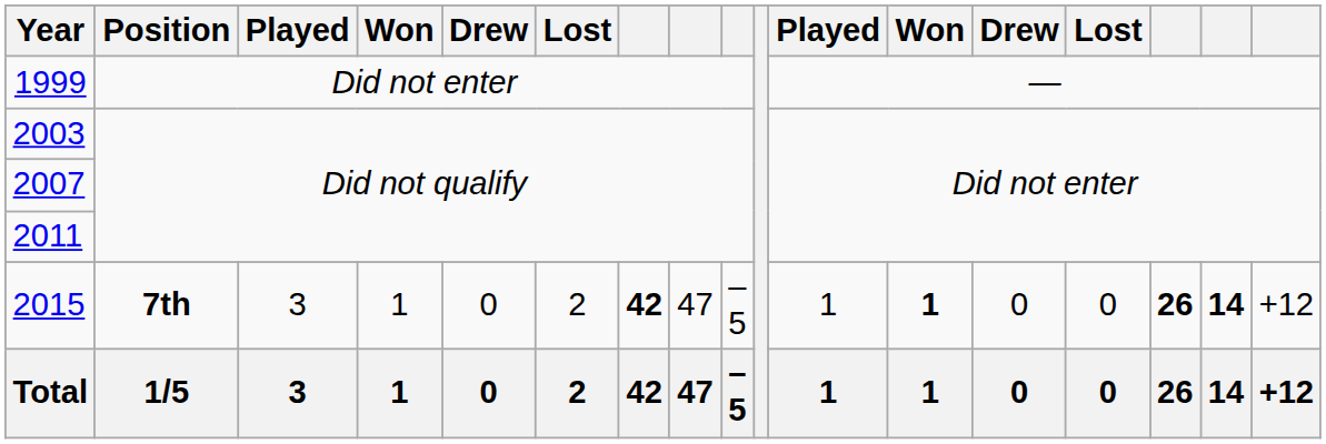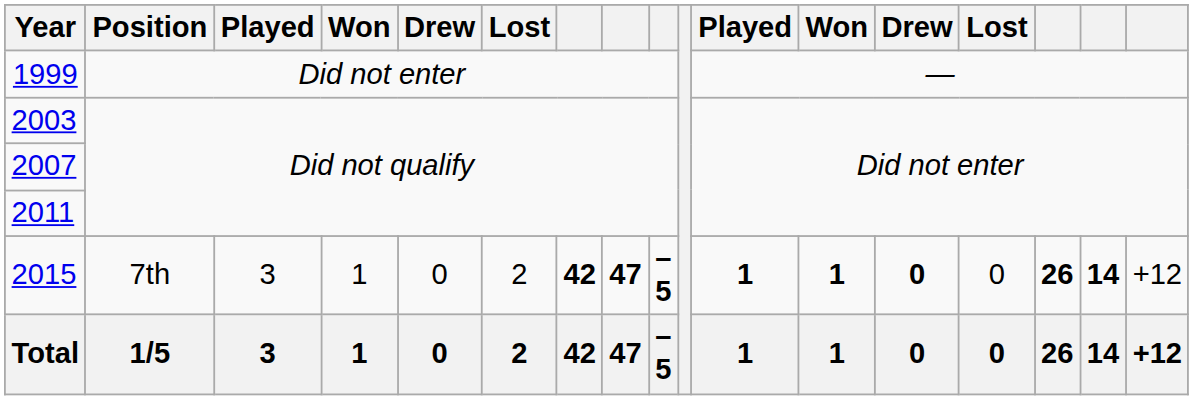 <table class=wikitable style=text-align:center>
 <tr>
 <th>Year</th>
 <th>Position</th>
 <th>Played</th>
 <th>Won</th>
 <th>Drew</th>
 <th>Lost</th>
 <th></th>
 <th></th>
 <th></th>
 <th rowspan="24"></th>
 <th>Played</th>
 <th>Won</th>
 <th>Drew</th>
 <th>Lost</th>
 <th></th>
 <th></th>
 <th></th>
 </tr>
 <tr>
 <td> <a href='#'>1999</a></td>
 <td colspan=8><em>Did not enter</em></td>
 <td colspan=7><em>—</em></td>
 </tr>
 <tr>
 <td align=left> <a href='#'>2003</a></td>
 <td rowspan=3 colspan=8><em>Did not qualify</em></td>
 <td rowspan=3 colspan=7><em>Did not enter</em></td>
 </tr>
 <tr>
 <td align=left> <a href='#'>2007</a></td>
 </tr>
 <tr>
 <td align=left> <a href='#'>2011</a></td>
 </tr>
 <tr>
 <td align=left> <a href='#'>2015</a></td>
-<td><strong>7th</strong></td>
+<td>7th</td>
 <td>3</td>
 <td>1</td>
 <td>0</td>
 <td>2</td>
 <td><strong>42</strong></td>
-<td>47</td>
-<td>–5</td>
-<td>1</td>
+<td><strong>47</strong></td>
+<td><strong>–5</strong></td>
 <td><strong>1</strong></td>
-<td>0</td>
+<td><strong>1</strong></td>
+<td><strong>0</strong></td>
 <td>0</td>
 <td><strong>26</strong></td>
 <td><strong>14</strong></td>
 <td>+12</td>
 </tr>
 <tr>
 <th>Total</th>
 <th>1/5</th>
 <th>3</th>
 <th>1</th>
 <th>0</th>
 <th>2</th>
 <th>42</th>
 <th>47</th>
 <th>–5</th>
 <th>1</th>
 <th>1</th>
 <th>0</th>
 <th>0</th>
 <th>26</th>
 <th>14</th>
 <th>+12</th>
 </tr>
 </table>
